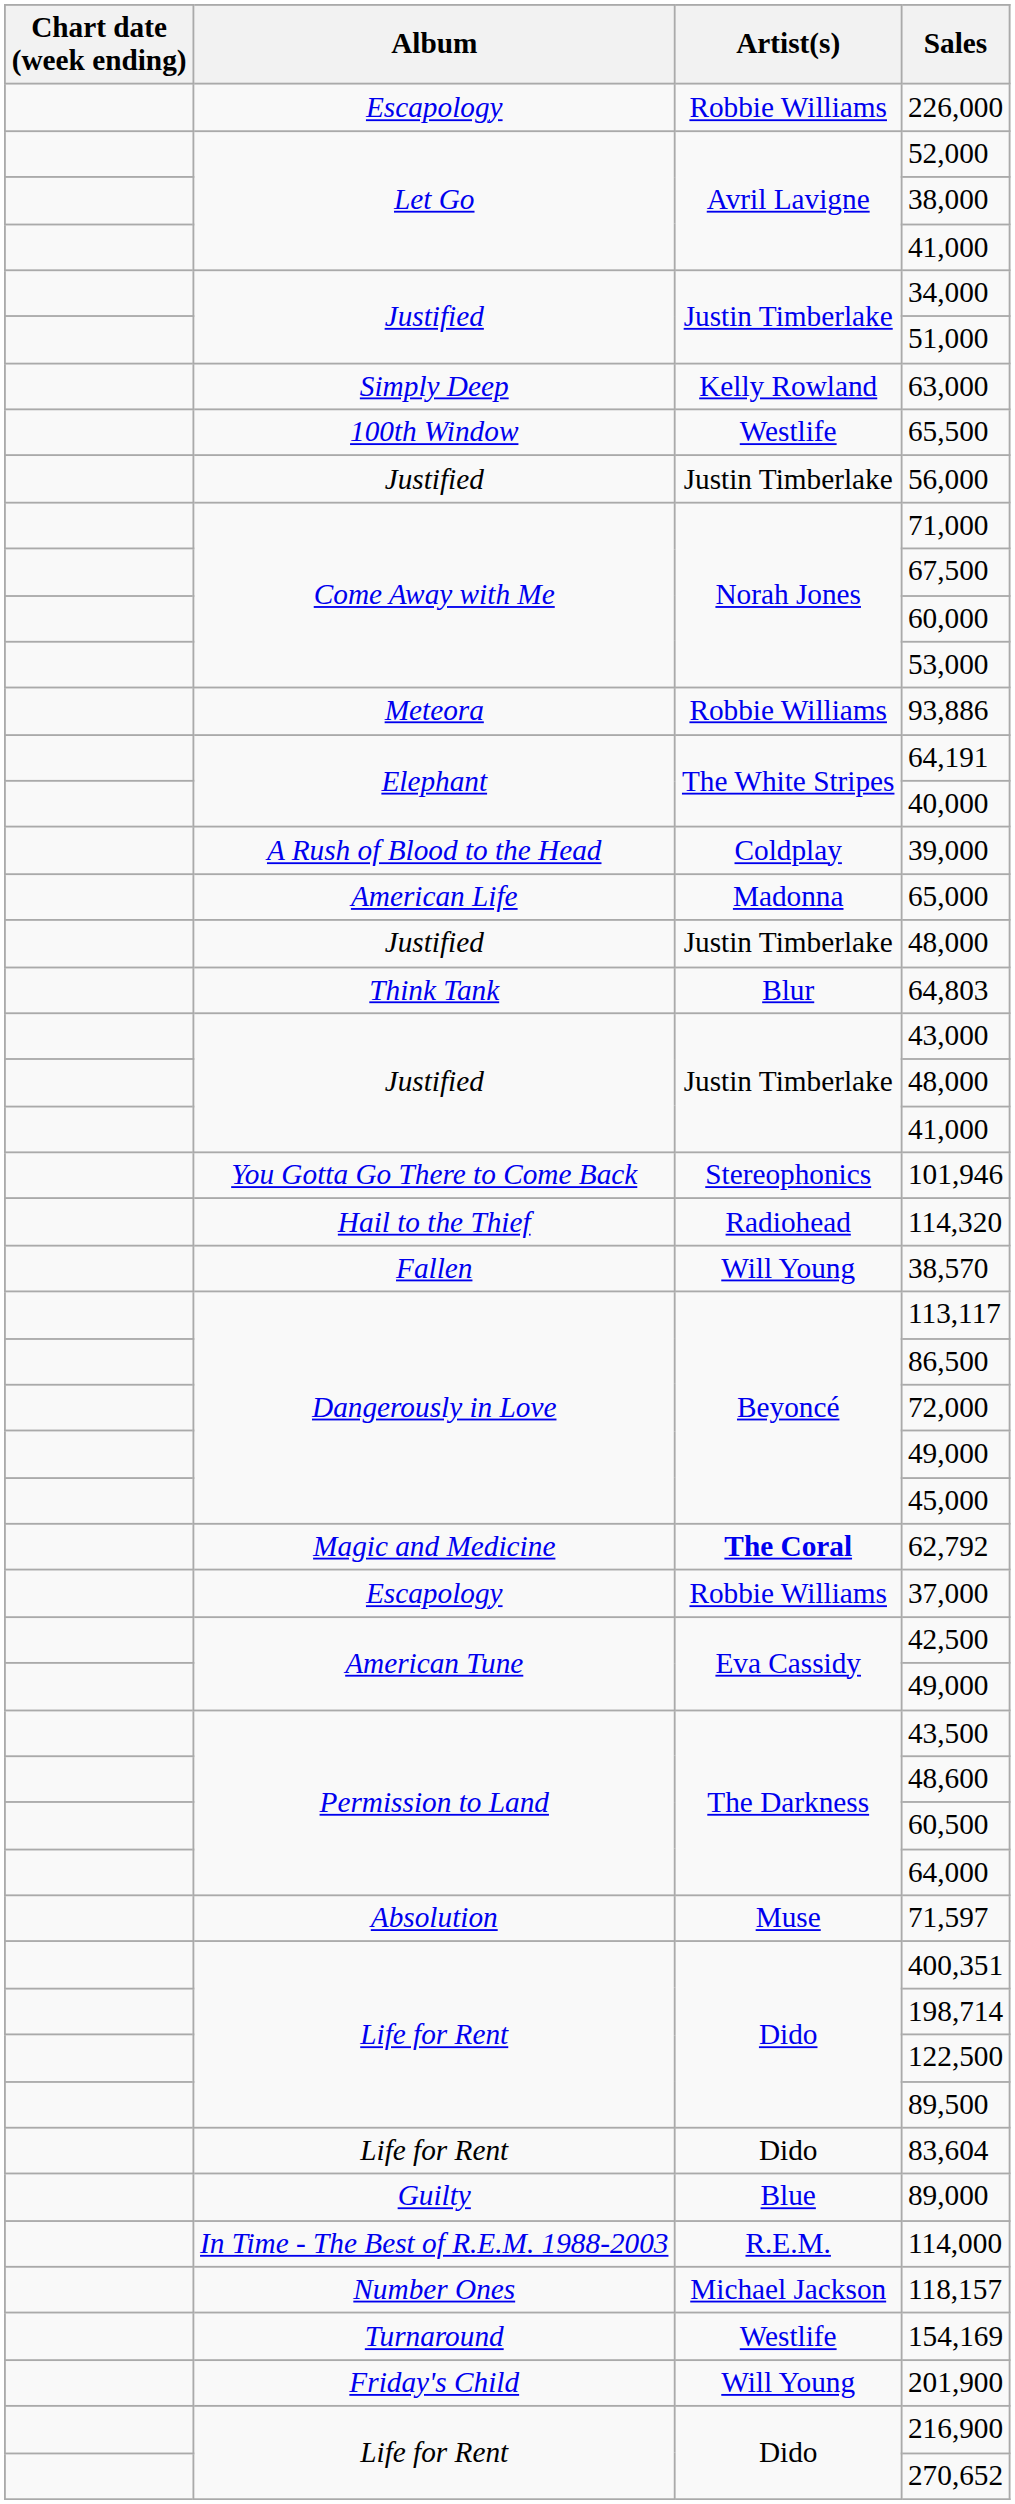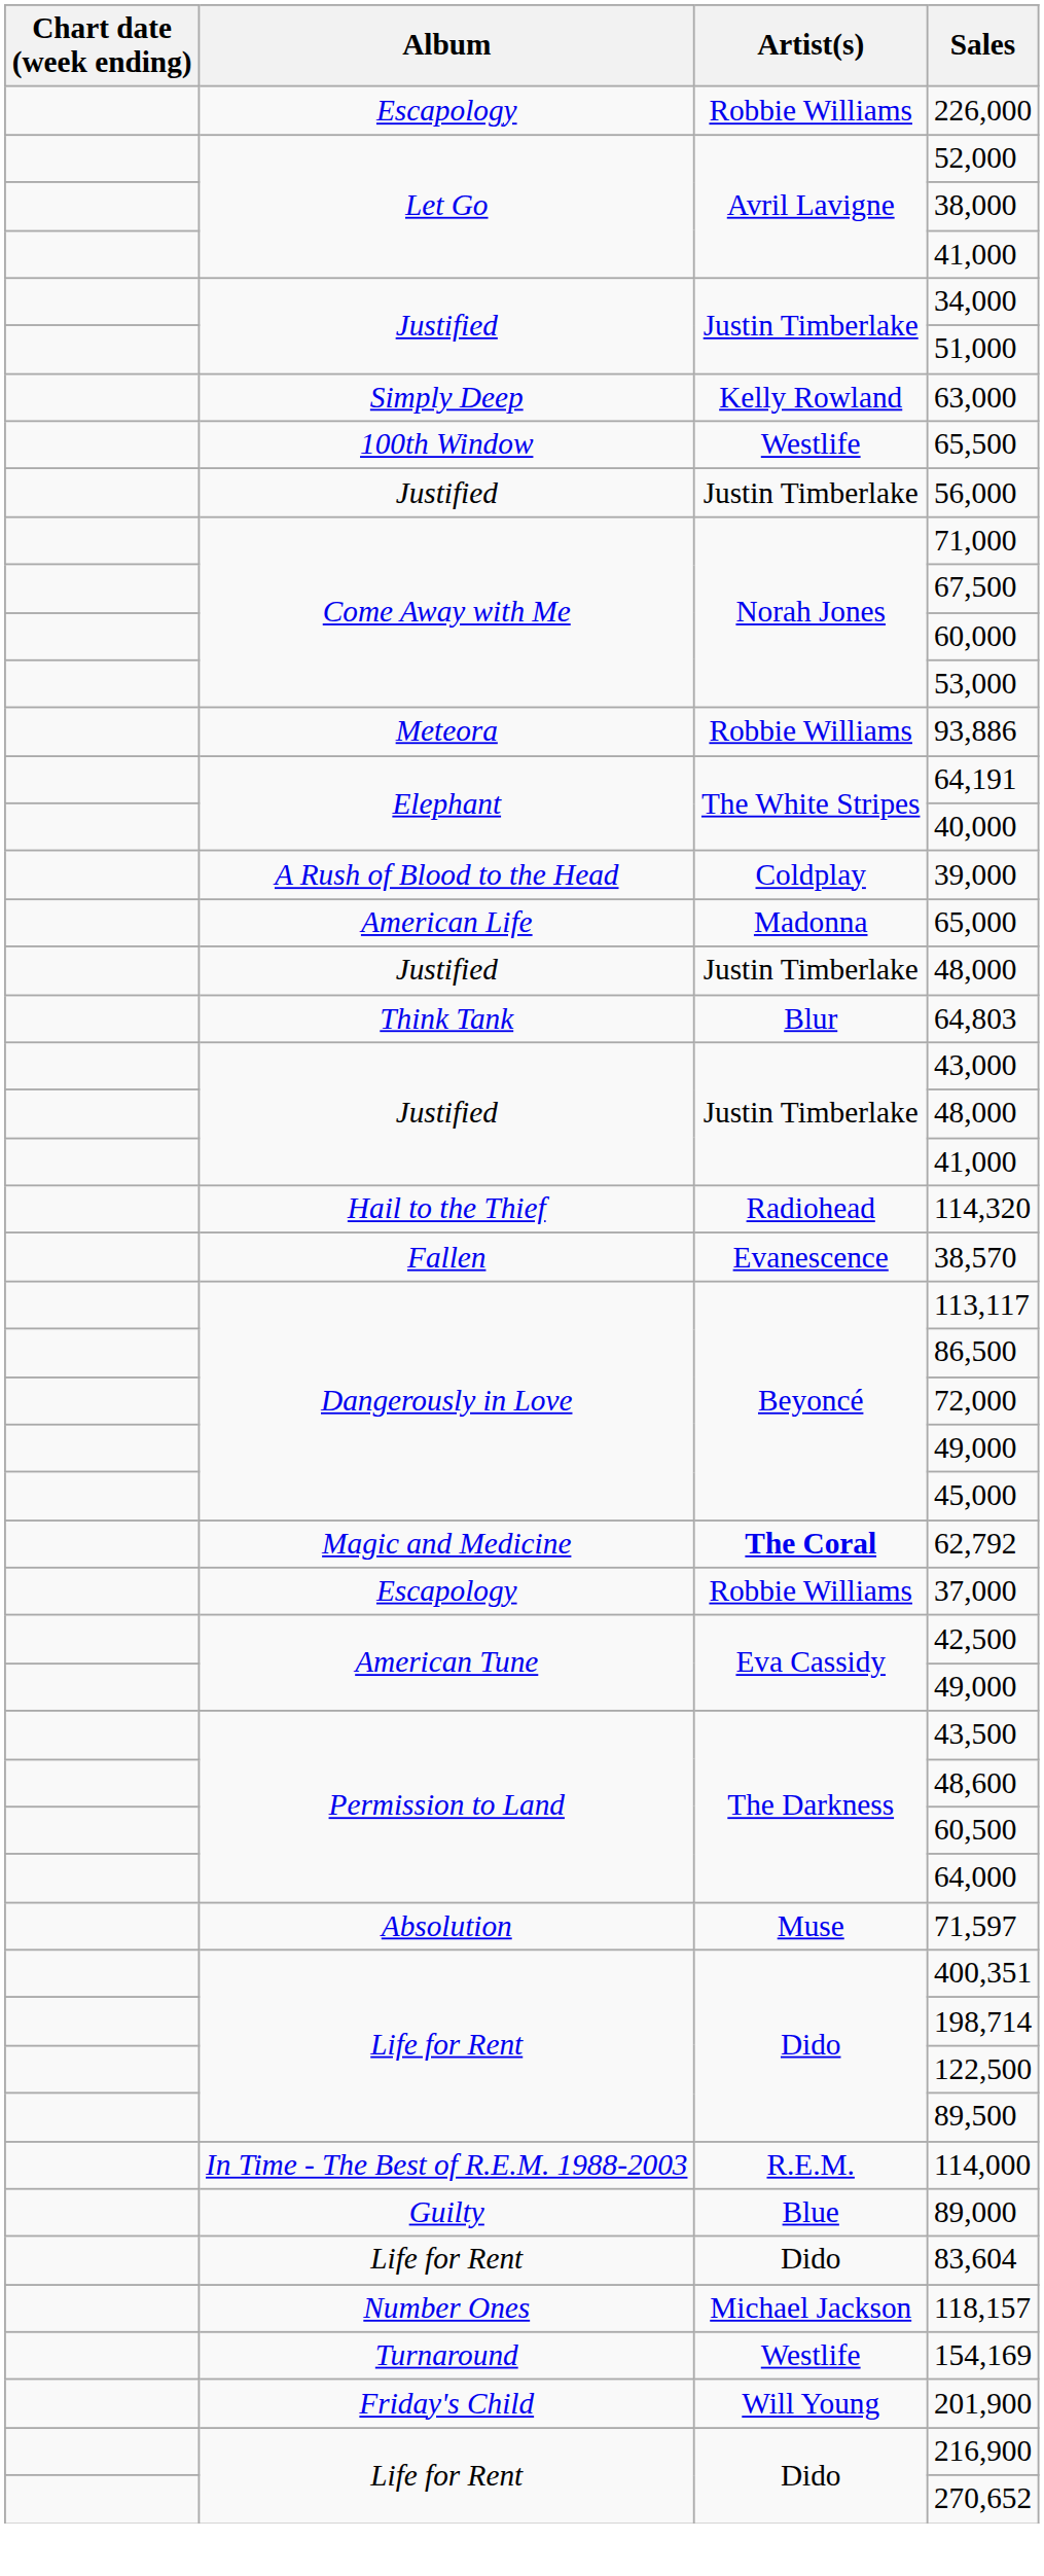 <table class="wikitable">
 <tr>
 <th align="center">Chart date<br>(week ending)</th>
 <th align="center">Album</th>
 <th align="center">Artist(s)</th>
 <th align="center">Sales</th>
 </tr>
 <tr>
 <td style="text-align:left;"></td>
 <td style="text-align:center;"><em><a href='#'>Escapology</a></em></td>
 <td style="text-align:center;"><a href='#'>Robbie Williams</a></td>
 <td style="text-align:left;">226,000</td>
 </tr>
 <tr>
 <td align="left"></td>
 <td align="center" rowspan="3"><em><a href='#'>Let Go</a></em></td>
 <td align="center" rowspan="3"><a href='#'>Avril Lavigne</a></td>
 <td align="left">52,000</td>
 </tr>
 <tr>
 <td align="left"></td>
 <td align="left">38,000</td>
 </tr>
 <tr>
 <td align="left"></td>
 <td align="left">41,000</td>
 </tr>
 <tr>
 <td align="left"></td>
 <td align="center" rowspan="2"><em><a href='#'>Justified</a></em></td>
 <td align="center" rowspan="2"><a href='#'>Justin Timberlake</a></td>
 <td align="left">34,000</td>
 </tr>
 <tr>
 <td align="left"></td>
 <td align="left">51,000</td>
 </tr>
 <tr>
 <td align="left"></td>
 <td align="center" rowspan="1"><em><a href='#'>Simply Deep</a></em></td>
 <td align="center" rowspan="1"><a href='#'>Kelly Rowland</a></td>
 <td align="left">63,000</td>
 </tr>
 <tr>
 <td align="left"></td>
 <td align="center" rowspan="1"><em><a href='#'>100th Window</a></em></td>
 <td align="center" rowspan="1"><a href='#'>Westlife</a></td>
 <td align="left">65,500</td>
 </tr>
 <tr>
 <td align="left"></td>
 <td align="center" rowspan="1"><em>Justified</em></td>
 <td align="center" rowspan="1">Justin Timberlake</td>
 <td align="left">56,000</td>
 </tr>
 <tr>
 <td align="left"></td>
 <td align="center" rowspan="4"><em><a href='#'>Come Away with Me</a></em></td>
 <td align="center" rowspan="4"><a href='#'>Norah Jones</a></td>
 <td align="left">71,000</td>
 </tr>
 <tr>
 <td align="left"></td>
 <td align="left">67,500</td>
 </tr>
 <tr>
 <td align="left"></td>
 <td align="left">60,000</td>
 </tr>
 <tr>
 <td align="left"></td>
 <td align="left">53,000</td>
 </tr>
 <tr>
 <td align="left"></td>
 <td align="center" rowspan="1"><em><a href='#'>Meteora</a></em></td>
 <td style="text-align:center;"><a href='#'>Robbie Williams</a></td>
 <td align="left">93,886</td>
 </tr>
 <tr>
 <td align="left"></td>
 <td align="center" rowspan="2"><em><a href='#'>Elephant</a></em></td>
 <td align="center" rowspan="2"><a href='#'>The White Stripes</a></td>
 <td align="left">64,191</td>
 </tr>
 <tr>
 <td align="left"></td>
 <td align="left">40,000</td>
 </tr>
 <tr>
 <td align="left"></td>
 <td align="center" rowspan="1"><em><a href='#'>A Rush of Blood to the Head</a></em></td>
 <td align="center" rowspan="1"><a href='#'>Coldplay</a></td>
 <td align="left">39,000</td>
 </tr>
 <tr>
 <td align="left"></td>
 <td align="center" rowspan="1"><em><a href='#'>American Life</a></em></td>
 <td align="center" rowspan="1"><a href='#'>Madonna</a></td>
 <td align="left">65,000</td>
 </tr>
 <tr>
 <td align="left"></td>
 <td align="center" rowspan="1"><em>Justified </em></td>
 <td align="center" rowspan="1">Justin Timberlake</td>
 <td align="left">48,000</td>
 </tr>
 <tr>
 <td align="left"></td>
 <td align="center" rowspan="1"><em><a href='#'>Think Tank</a></em></td>
 <td align="center" rowspan="1"><a href='#'>Blur</a></td>
 <td align="left">64,803</td>
 </tr>
 <tr>
 <td align="left"></td>
 <td align="center" rowspan="3"><em>Justified </em></td>
 <td align="center" rowspan="3">Justin Timberlake</td>
 <td align="left">43,000</td>
 </tr>
 <tr>
 <td align="left"></td>
 <td align="left">48,000</td>
 </tr>
 <tr>
 <td align="left"></td>
 <td align="left">41,000</td>
 </tr>
 <tr>
 <td align="left"></td>
-<td align="center" rowspan="1"><em><a href='#'>You Gotta Go There to Come Back</a></em></td>
-<td align="center" rowspan="1"><a href='#'>Stereophonics</a></td>
-<td align="left">101,946</td>
-</tr>
-<tr>
-<td align="left"></td>
 <td align="center" rowspan="1"><em><a href='#'>Hail to the Thief</a></em></td>
 <td align="center" rowspan="1"><a href='#'>Radiohead</a></td>
 <td align="left">114,320</td>
 </tr>
 <tr>
 <td align="left"></td>
 <td align="center" rowspan="1"><em><a href='#'>Fallen</a></em></td>
-<td align="center" rowspan="1"><a href='#'>Will Young</a></td>
+<td align="center" rowspan="1"><a href='#'>Evanescence</a></td>
 <td align="left">38,570</td>
 </tr>
 <tr>
 <td align="left"></td>
 <td align="center" rowspan="5"><em><a href='#'>Dangerously in Love</a></em></td>
 <td align="center" rowspan="5"><a href='#'>Beyoncé</a></td>
 <td align="left">113,117</td>
 </tr>
 <tr>
 <td align="left"></td>
 <td align="left">86,500</td>
 </tr>
 <tr>
 <td align="left"></td>
 <td align="left">72,000</td>
 </tr>
 <tr>
 <td align="left"></td>
 <td align="left">49,000</td>
 </tr>
 <tr>
 <td align="left"></td>
 <td align="left">45,000</td>
 </tr>
 <tr>
 <td align="left"></td>
 <td align="center" rowspan="1"><em><a href='#'>Magic and Medicine</a></em></td>
 <td align="center" rowspan="1"><strong><a href='#'>The Coral</a></strong></td>
 <td align="left">62,792</td>
 </tr>
 <tr>
 <td align="left"></td>
 <td align="center" rowspan="1"><em><a href='#'>Escapology</a></em></td>
 <td align="center" rowspan="1"><a href='#'>Robbie Williams</a></td>
 <td align="left">37,000</td>
 </tr>
 <tr>
 <td align="left"></td>
 <td align="center" rowspan="2"><em><a href='#'>American Tune</a></em></td>
 <td align="center" rowspan="2"><a href='#'>Eva Cassidy</a></td>
 <td align="left">42,500</td>
 </tr>
 <tr>
 <td align="left"></td>
 <td align="left">49,000</td>
 </tr>
 <tr>
 <td align="left"></td>
 <td align="center" rowspan="4"><em><a href='#'>Permission to Land</a></em></td>
 <td align="center" rowspan="4"><a href='#'>The Darkness</a></td>
 <td align="left">43,500</td>
 </tr>
 <tr>
 <td align="left"></td>
 <td align="left">48,600</td>
 </tr>
 <tr>
 <td align="left"></td>
 <td align="left">60,500</td>
 </tr>
 <tr>
 <td align="left"></td>
 <td align="left">64,000</td>
 </tr>
 <tr>
 <td align="left"></td>
 <td align="center" rowspan="1"><em><a href='#'>Absolution</a></em></td>
 <td align="center" rowspan="1"><a href='#'>Muse</a></td>
 <td align="left">71,597</td>
 </tr>
 <tr>
 <td align="left"></td>
 <td align="center" rowspan="4"><em><a href='#'>Life for Rent</a></em></td>
 <td align="center" rowspan="4"><a href='#'>Dido</a></td>
 <td align="left">400,351</td>
 </tr>
 <tr>
 <td align="left"></td>
 <td align="left">198,714</td>
 </tr>
 <tr>
 <td align="left"></td>
 <td align="left">122,500</td>
 </tr>
 <tr>
 <td align="left"></td>
 <td align="left">89,500</td>
 </tr>
 <tr>
 <td align="left"></td>
-<td align="center" rowspan="1"><em>Life for Rent</em></td>
-<td align="center" rowspan="1">Dido</td>
-<td align="left">83,604</td>
+<td align="center" rowspan="1"><em><a href='#'>In Time - The Best of R.E.M. 1988-2003</a></em></td>
+<td align="center" rowspan="1"><a href='#'>R.E.M.</a></td>
+<td align="left">114,000</td>
 </tr>
 <tr>
 <td align="left"></td>
 <td align="center" rowspan="1"><em><a href='#'>Guilty</a></em></td>
 <td align="center" rowspan="1"><a href='#'>Blue</a></td>
 <td align="left">89,000</td>
 </tr>
 <tr>
 <td align="left"></td>
-<td align="center" rowspan="1"><em><a href='#'>In Time - The Best of R.E.M. 1988-2003</a></em></td>
-<td align="center" rowspan="1"><a href='#'>R.E.M.</a></td>
-<td align="left">114,000</td>
+<td align="center" rowspan="1"><em>Life for Rent</em></td>
+<td align="center" rowspan="1">Dido</td>
+<td align="left">83,604</td>
 </tr>
 <tr>
 <td align="left"></td>
 <td align="center" rowspan="1"><em><a href='#'>Number Ones</a></em></td>
 <td align="center" rowspan="1"><a href='#'>Michael Jackson</a></td>
 <td align="left">118,157</td>
 </tr>
 <tr>
 <td align="left"></td>
 <td align="center" rowspan="1"><em><a href='#'>Turnaround</a></em></td>
 <td align="center" rowspan="1"><a href='#'>Westlife</a></td>
 <td align="left">154,169</td>
 </tr>
 <tr>
 <td align="left"></td>
 <td align="center" rowspan="1"><em><a href='#'>Friday's Child</a></em></td>
 <td align="center" rowspan="1"><a href='#'>Will Young</a></td>
 <td align="left">201,900</td>
 </tr>
 <tr>
 <td align="left"></td>
 <td align="center" rowspan="3"><em>Life for Rent</em></td>
 <td align="center" rowspan="3">Dido</td>
 <td align="left">216,900</td>
 </tr>
 <tr>
 <td align="left"></td>
 <td align="left">270,652</td>
 </tr>
 </table>
